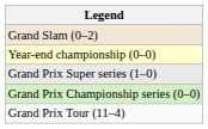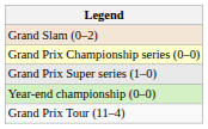 <table class="wikitable">
 <tr>
 <th>Legend</th>
 </tr>
 <tr style="background:#f3e6d7;">
 <td>Grand Slam (0–2)</td>
 </tr>
 <tr style="background:#ffffcc;">
-<td>Year-end championship (0–0)</td>
+<td>Grand Prix Championship series (0–0)</td>
 </tr>
 <tr style="background:#e9e9e9;">
 <td>Grand Prix Super series (1–0)</td>
 </tr>
 <tr style="background:#d4f1c5;">
-<td>Grand Prix Championship series (0–0)</td>
+<td>Year-end championship (0–0)</td>
 </tr>
 <tr bgcolor="">
 <td>Grand Prix Tour (11–4)</td>
 </tr>
 </table>
